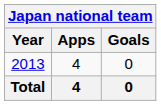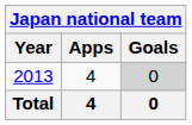 <table class="wikitable" style="text-align:center">
 <tr>
 <th colspan=3><a href='#'>Japan national team</a></th>
 </tr>
 <tr>
 <th>Year</th>
 <th>Apps</th>
 <th>Goals</th>
 </tr>
 <tr>
 <td><a href='#'>2013</a></td>
 <td>4</td>
-<td>0</td>
+<td style="background: lightgrey;">0</td>
 </tr>
 <tr>
 <th>Total</th>
 <th>4</th>
 <th>0</th>
 </tr>
 </table>
